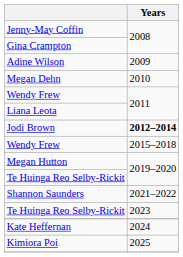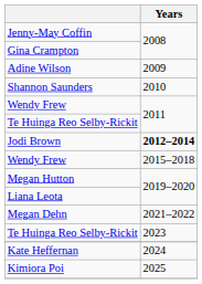 <table class="wikitable collapsible">
 <tr>
 <th></th>
 <th>Years</th>
 </tr>
 <tr>
 <td><a href='#'>Jenny-May Coffin</a></td>
 <td rowspan="2">2008</td>
 </tr>
 <tr>
 <td><a href='#'>Gina Crampton</a></td>
 </tr>
 <tr>
 <td><a href='#'>Adine Wilson</a></td>
 <td>2009</td>
 </tr>
 <tr>
-<td><a href='#'>Megan Dehn</a></td>
+<td><a href='#'>Shannon Saunders</a></td>
 <td>2010</td>
 </tr>
 <tr>
 <td><a href='#'>Wendy Frew</a></td>
 <td rowspan="2">2011</td>
 </tr>
 <tr>
-<td><a href='#'>Liana Leota</a></td>
+<td><a href='#'>Te Huinga Reo Selby-Rickit</a></td>
 </tr>
 <tr>
 <td><a href='#'>Jodi Brown</a></td>
 <td><strong>2012–2014</strong></td>
 </tr>
 <tr>
 <td><a href='#'>Wendy Frew</a></td>
 <td>2015–2018</td>
 </tr>
 <tr>
 <td><a href='#'>Megan Hutton</a></td>
 <td rowspan="2">2019–2020</td>
 </tr>
 <tr>
-<td><a href='#'>Te Huinga Reo Selby-Rickit</a></td>
+<td><a href='#'>Liana Leota</a></td>
 </tr>
 <tr>
-<td><a href='#'>Shannon Saunders</a></td>
+<td><a href='#'>Megan Dehn</a></td>
 <td>2021–2022</td>
 </tr>
 <tr>
 <td><a href='#'>Te Huinga Reo Selby-Rickit</a></td>
 <td>2023</td>
 </tr>
 <tr>
 </tr>
 <tr>
 <td rowspan=2><a href='#'>Kate Heffernan</a> <br></td>
 <td>2024</td>
 </tr>
 <tr>
 <td rowspan=2>2025 <br></td>
 </tr>
 <tr>
 <td><a href='#'>Kimiora Poi</a></td>
 </tr>
 <tr>
 </tr>
 </table>
